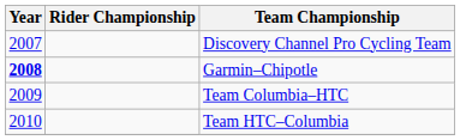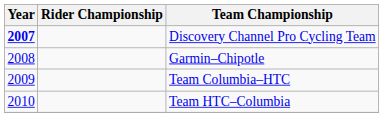 <table class="wikitable">
 <tr>
 <th>Year</th>
 <th>Rider Championship</th>
 <th>Team Championship</th>
 </tr>
 <tr>
-<td><a href='#'>2007</a></td>
+<td><strong><a href='#'>2007</a></strong></td>
 <td></td>
 <td><a href='#'>Discovery Channel Pro Cycling Team</a></td>
 </tr>
 <tr>
-<td><strong><a href='#'>2008</a></strong></td>
+<td><a href='#'>2008</a></td>
 <td></td>
 <td><a href='#'>Garmin–Chipotle</a></td>
 </tr>
 <tr>
 <td><a href='#'>2009</a></td>
 <td></td>
 <td><a href='#'>Team Columbia–HTC</a></td>
 </tr>
 <tr>
 <td><a href='#'>2010</a></td>
 <td></td>
 <td><a href='#'>Team HTC–Columbia</a></td>
 </tr>
 <tr>
 </tr>
 </table>
